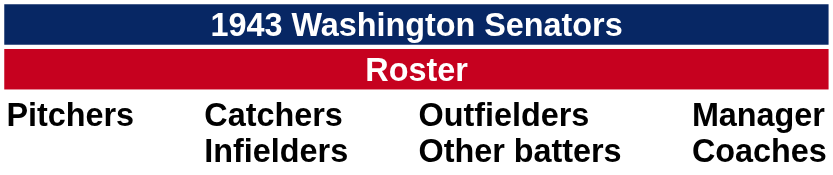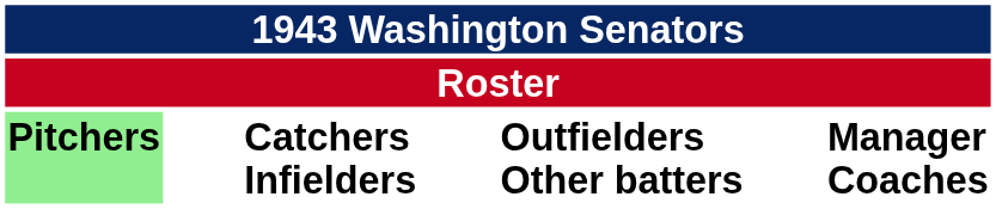 <table class="toccolours" style="font-size: 95%;">
 <tr>
 <th colspan="10" style="background-color: #072764; color: white; text-align: center;">1943 Washington Senators</th>
 </tr>
 <tr>
 <td colspan="10" style="background-color: #c6011f; color: white; text-align: center;"><strong>Roster</strong></td>
 </tr>
 <tr>
-<td valign="top"><strong>Pitchers</strong><br>                </td>
+<td valign="top" style="background: lightgreen;"><strong>Pitchers</strong><br>                </td>
 <td width="25px"></td>
 <td valign="top"><strong>Catchers</strong><br>   <strong>Infielders</strong>          </td>
 <td width="25px"></td>
 <td valign="top"><strong>Outfielders</strong><br>       <strong>Other batters</strong> </td>
 <td width="25px"></td>
 <td valign="top"><strong>Manager</strong><br> <strong>Coaches</strong>   </td>
 </tr>
 <tr>
 </tr>
 <tr>
 </tr>
 </table>
